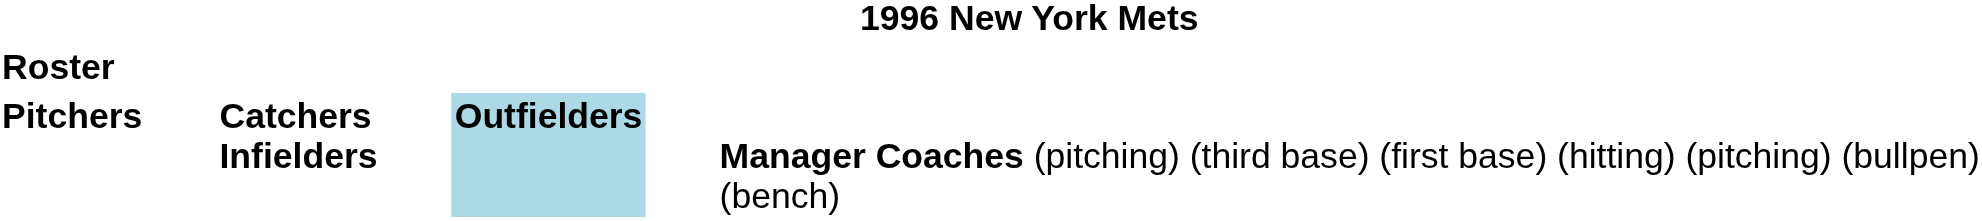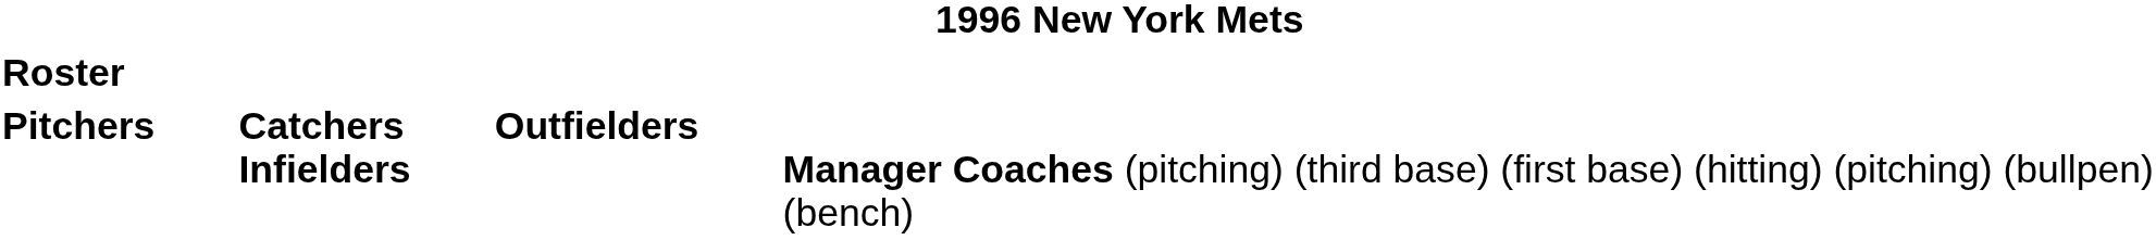 <table class="toccolours" style="font-size: 95%;">
 <tr>
 <th colspan="10">1996 New York Mets</th>
 </tr>
 <tr>
 <td colspan="10"><strong>Roster</strong></td>
 </tr>
 <tr>
 <td valign="top"><strong>Pitchers</strong><br>                </td>
 <td width="25px"></td>
 <td valign="top"><strong>Catchers</strong><br>    <strong>Infielders</strong>            </td>
 <td width="25px"></td>
-<td valign="top" style="background: lightblue;"><strong>Outfielders</strong><br>      </td>
+<td valign="top"><strong>Outfielders</strong><br>      </td>
 <td width="25px"></td>
 <td valign="top"><br><strong>Manager</strong>   <strong>Coaches</strong>  (pitching)  (third base)  (first base)  (hitting)  (pitching)  (bullpen)  (bench)</td>
 </tr>
 </table>
